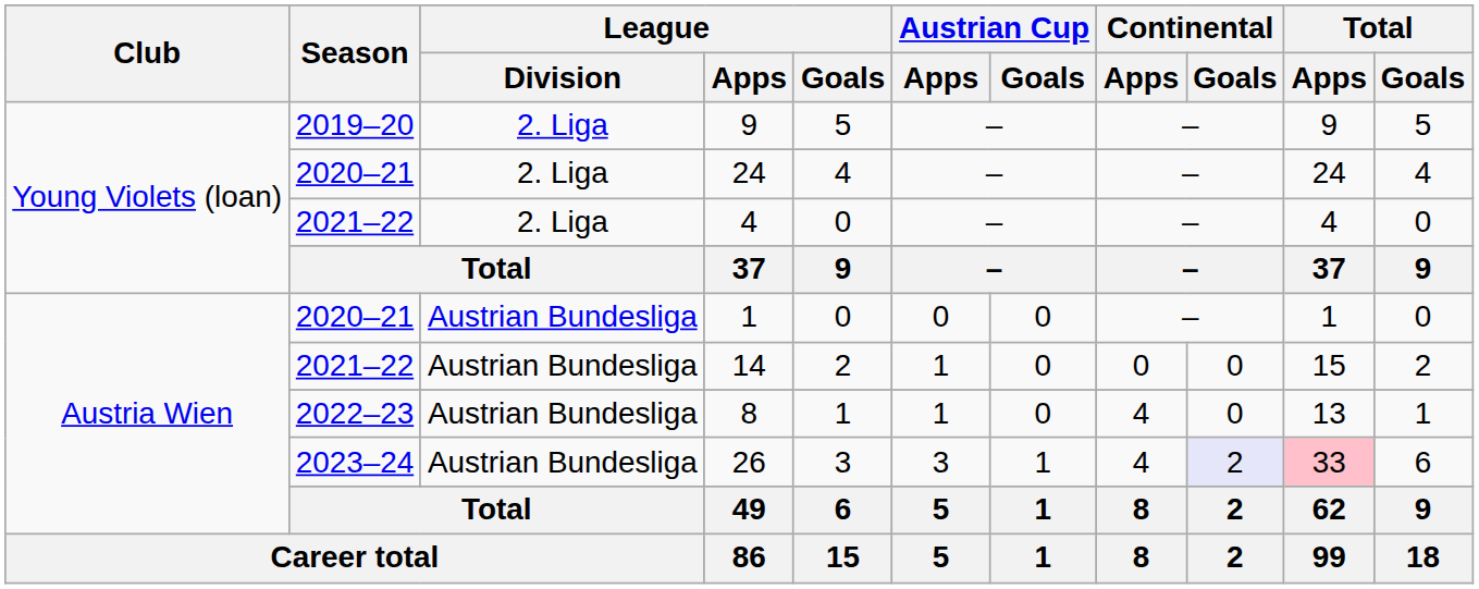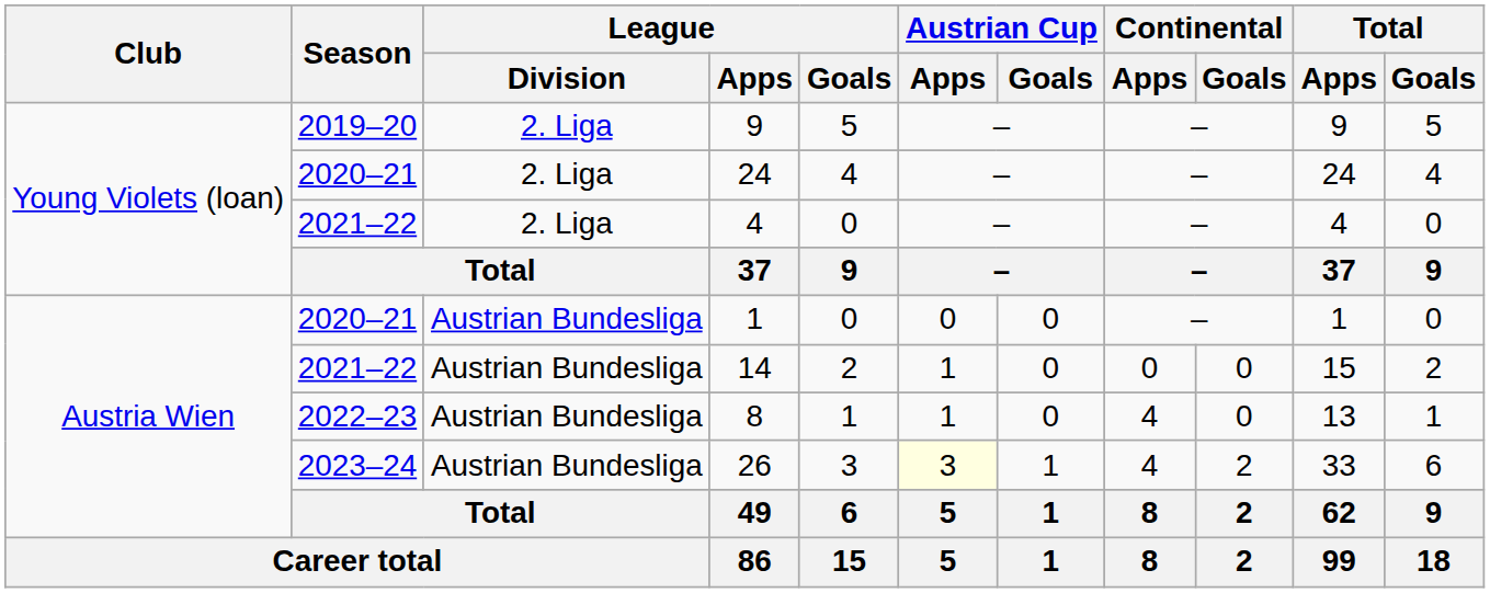 <table class="wikitable" style="text-align:center">
 <tr>
 <th rowspan=2>Club</th>
 <th rowspan=2>Season</th>
 <th colspan=3>League</th>
 <th colspan=2><a href='#'>Austrian Cup</a></th>
 <th colspan=2>Continental</th>
 <th colspan=2>Total</th>
 </tr>
 <tr>
 <th>Division</th>
 <th>Apps</th>
 <th>Goals</th>
 <th>Apps</th>
 <th>Goals</th>
 <th>Apps</th>
 <th>Goals</th>
 <th>Apps</th>
 <th>Goals</th>
 </tr>
 <tr>
 <td rowspan=4><a href='#'>Young Violets</a> (loan)</td>
 <td><a href='#'>2019–20</a></td>
 <td><a href='#'>2. Liga</a></td>
 <td>9</td>
 <td>5</td>
 <td colspan=2>–</td>
 <td colspan=2>–</td>
 <td>9</td>
 <td>5</td>
 </tr>
 <tr>
 <td><a href='#'>2020–21</a></td>
 <td>2. Liga</td>
 <td>24</td>
 <td>4</td>
 <td colspan=2>–</td>
 <td colspan=2>–</td>
 <td>24</td>
 <td>4</td>
 </tr>
 <tr>
 <td><a href='#'>2021–22</a></td>
 <td>2. Liga</td>
 <td>4</td>
 <td>0</td>
 <td colspan=2>–</td>
 <td colspan=2>–</td>
 <td>4</td>
 <td>0</td>
 </tr>
 <tr>
 <th colspan=2>Total</th>
 <th>37</th>
 <th>9</th>
 <th colspan=2>–</th>
 <th colspan=2>–</th>
 <th>37</th>
 <th>9</th>
 </tr>
 <tr>
 <td rowspan=5><a href='#'>Austria Wien</a></td>
 <td><a href='#'>2020–21</a></td>
 <td><a href='#'>Austrian Bundesliga</a></td>
 <td>1</td>
 <td>0</td>
 <td>0</td>
 <td>0</td>
 <td colspan=2>–</td>
 <td>1</td>
 <td>0</td>
 </tr>
 <tr>
 <td><a href='#'>2021–22</a></td>
 <td>Austrian Bundesliga</td>
 <td>14</td>
 <td>2</td>
 <td>1</td>
 <td>0</td>
 <td>0</td>
 <td>0</td>
 <td>15</td>
 <td>2</td>
 </tr>
 <tr>
 <td><a href='#'>2022–23</a></td>
 <td>Austrian Bundesliga</td>
 <td>8</td>
 <td>1</td>
 <td>1</td>
 <td>0</td>
 <td>4</td>
 <td>0</td>
 <td>13</td>
 <td>1</td>
 </tr>
 <tr>
 <td><a href='#'>2023–24</a></td>
 <td>Austrian Bundesliga</td>
 <td>26</td>
 <td>3</td>
-<td>3</td>
+<td style="background: lightyellow;">3</td>
 <td>1</td>
 <td>4</td>
-<td style="background: lavender;">2</td>
-<td style="background: pink;">33</td>
+<td>2</td>
+<td>33</td>
 <td>6</td>
 </tr>
 <tr>
 <th colspan=2>Total</th>
 <th>49</th>
 <th>6</th>
 <th>5</th>
 <th>1</th>
 <th>8</th>
 <th>2</th>
 <th>62</th>
 <th>9</th>
 </tr>
 <tr>
 <th colspan=3>Career total</th>
 <th>86</th>
 <th>15</th>
 <th>5</th>
 <th>1</th>
 <th>8</th>
 <th>2</th>
 <th>99</th>
 <th>18</th>
 </tr>
 </table>
